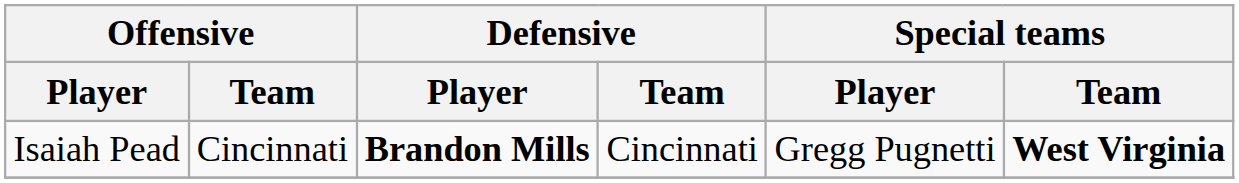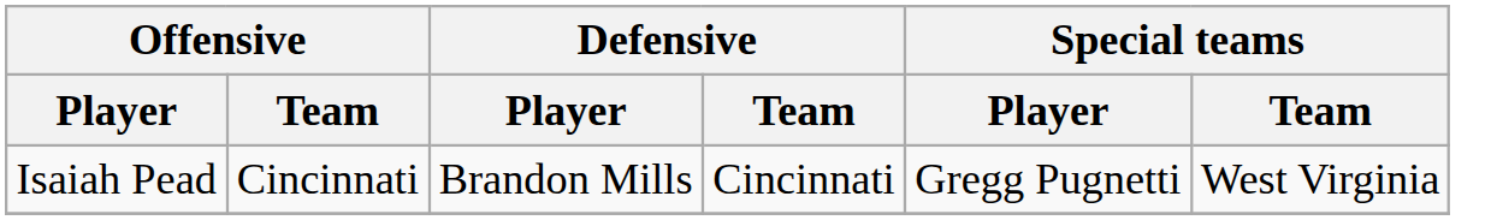 <table class="wikitable" border="1">
 <tr>
 <th colspan="2">Offensive</th>
 <th colspan="2">Defensive</th>
 <th colspan="2">Special teams</th>
 </tr>
 <tr>
 <th>Player</th>
 <th>Team</th>
 <th>Player</th>
 <th>Team</th>
 <th>Player</th>
 <th>Team</th>
 </tr>
 <tr>
 <td>Isaiah Pead</td>
 <td>Cincinnati</td>
-<td><strong>Brandon Mills</strong></td>
+<td>Brandon Mills</td>
 <td>Cincinnati</td>
 <td>Gregg Pugnetti</td>
-<td><strong>West Virginia</strong></td>
+<td>West Virginia</td>
 </tr>
 <tr>
 </tr>
 </table>
